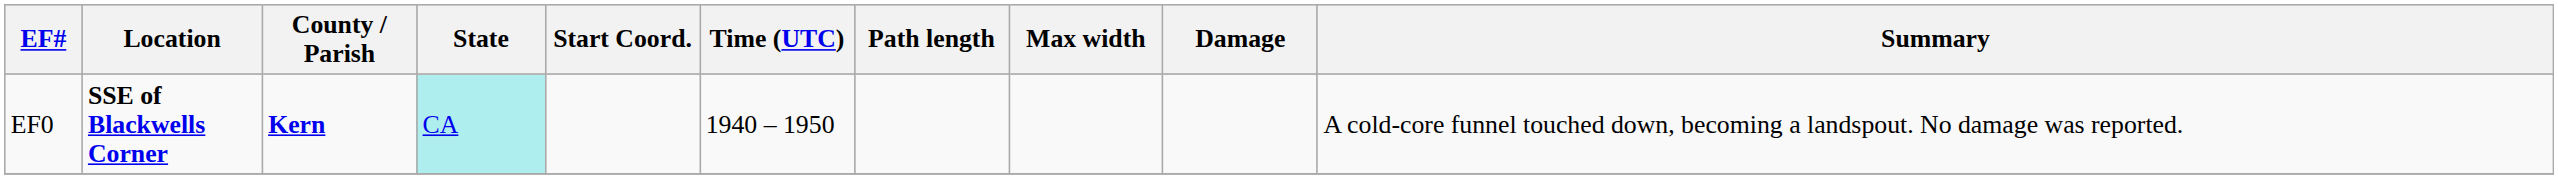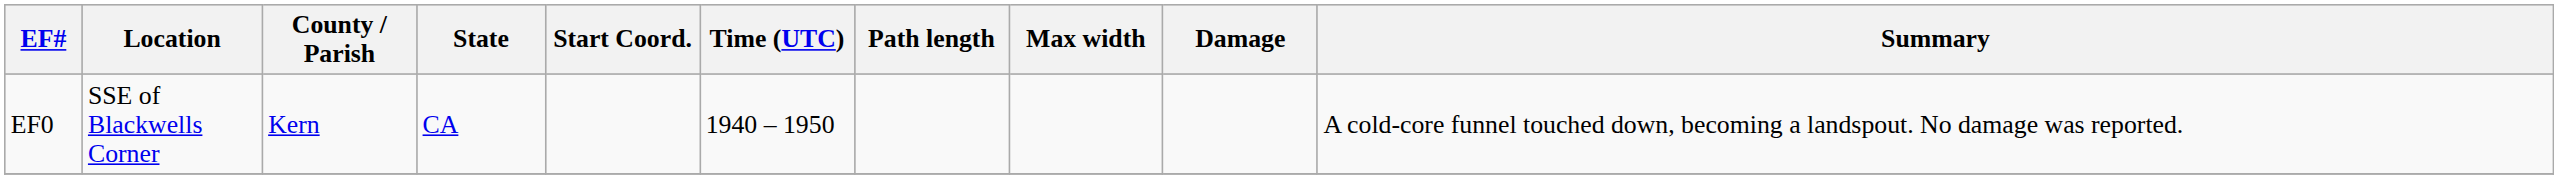 <table class="wikitable sortable" style="width:100%;">
 <tr>
 <th scope="col" width="3%" align="center"><a href='#'>EF#</a></th>
 <th scope="col" width="7%" align="center" class="unsortable">Location</th>
 <th scope="col" width="6%" align="center" class="unsortable">County / Parish</th>
 <th scope="col" width="5%" align="center">State</th>
 <th scope="col" width="6%" align="center">Start Coord.</th>
 <th scope="col" width="6%" align="center">Time (<a href='#'>UTC</a>)</th>
 <th scope="col" width="6%" align="center">Path length</th>
 <th scope="col" width="6%" align="center">Max width</th>
 <th scope="col" width="6%" align="center">Damage</th>
 <th scope="col" width="48%" class="unsortable" align="center">Summary</th>
 </tr>
 <tr>
 <td>EF0</td>
-<td><strong>SSE of <a href='#'>Blackwells Corner</a></strong></td>
-<td><strong><a href='#'>Kern</a></strong></td>
-<td style="background: paleturquoise;"><a href='#'>CA</a></td>
+<td>SSE of <a href='#'>Blackwells Corner</a></td>
+<td><a href='#'>Kern</a></td>
+<td><a href='#'>CA</a></td>
 <td></td>
 <td>1940 – 1950</td>
 <td></td>
 <td></td>
 <td></td>
 <td>A cold-core funnel touched down, becoming a landspout. No damage was reported.</td>
 </tr>
 <tr>
 </tr>
 </table>
